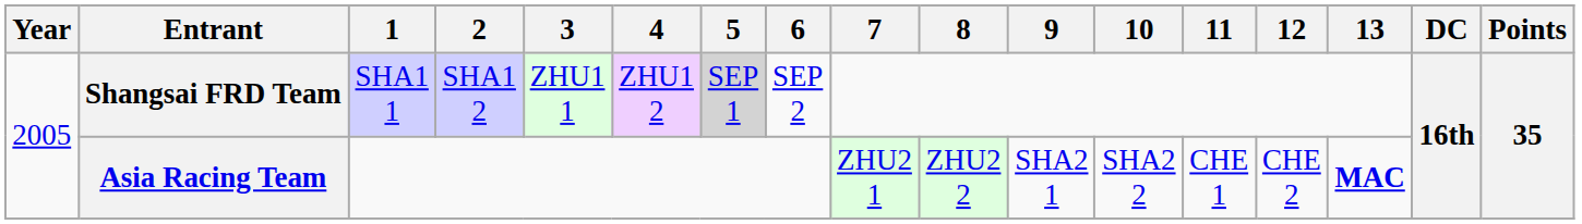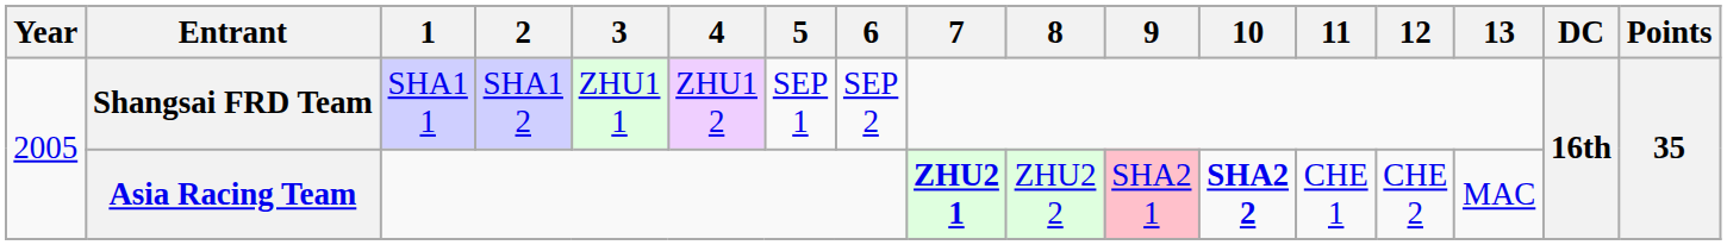 <table class="wikitable" style="text-align:center; font-size:85%">
 <tr>
 <th>Year</th>
 <th>Entrant</th>
 <th>1</th>
 <th>2</th>
 <th>3</th>
 <th>4</th>
 <th>5</th>
 <th>6</th>
 <th>7</th>
 <th>8</th>
 <th>9</th>
 <th>10</th>
 <th>11</th>
 <th>12</th>
 <th>13</th>
 <th>DC</th>
 <th>Points</th>
 </tr>
 <tr>
 <td rowspan=2><a href='#'>2005</a></td>
 <th nowrap>Shangsai FRD Team</th>
 <td style="background:#CFCFFF;"><a href='#'>SHA1<br>1</a><br></td>
 <td style="background:#CFCFFF;"><a href='#'>SHA1<br>2</a><br></td>
 <td style="background:#DFFFDF;"><a href='#'>ZHU1<br>1</a><br></td>
 <td style="background:#EFCFFF;"><a href='#'>ZHU1<br>2</a><br></td>
-<td style="background: lightgrey;"><a href='#'>SEP<br>1</a></td>
+<td><a href='#'>SEP<br>1</a></td>
 <td><a href='#'>SEP<br>2</a></td>
 <td colspan=7></td>
 <th rowspan=2>16th</th>
 <th rowspan=2>35</th>
 </tr>
 <tr>
 <th nowrap><a href='#'>Asia Racing Team</a></th>
 <td colspan=6></td>
-<td style="background:#DFFFDF;"><a href='#'>ZHU2<br>1</a><br></td>
+<td style="background:#DFFFDF;"><strong><a href='#'>ZHU2<br>1</a><br></strong></td>
 <td style="background:#DFFFDF;"><a href='#'>ZHU2<br>2</a><br></td>
-<td><a href='#'>SHA2<br>1</a></td>
-<td><a href='#'>SHA2<br>2</a></td>
+<td style="background: pink;"><a href='#'>SHA2<br>1</a></td>
+<td><strong><a href='#'>SHA2<br>2</a></strong></td>
 <td><a href='#'>CHE<br>1</a></td>
 <td><a href='#'>CHE<br>2</a></td>
-<td><strong><a href='#'>MAC</a></strong></td>
+<td><a href='#'>MAC</a></td>
 </tr>
 </table>
